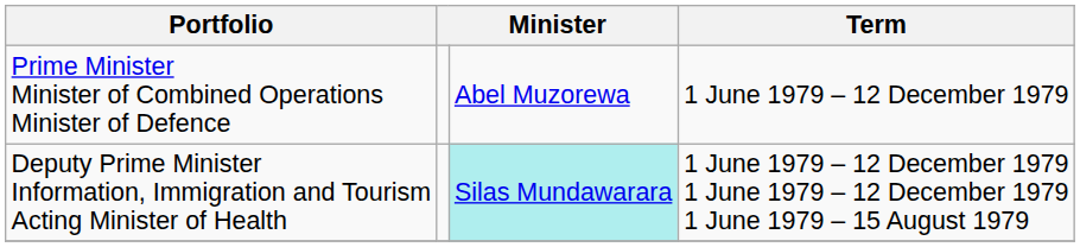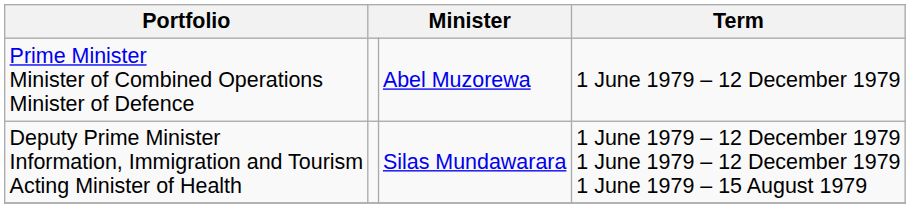 <table class="wikitable">
 <tr>
 <th>Portfolio</th>
 <th colspan=2>Minister</th>
 <th colspan=2>Term</th>
 </tr>
 <tr>
 <td><a href='#'>Prime Minister</a><br>Minister of Combined Operations<br>Minister of Defence</td>
 <td style="background:"></td>
 <td><a href='#'>Abel Muzorewa</a></td>
 <td>1 June 1979 – 12 December 1979</td>
 </tr>
 <tr>
 <td>Deputy Prime Minister<br>Information, Immigration and Tourism<br>Acting Minister of Health</td>
 <td style="background:"></td>
-<td style="background: paleturquoise;"><a href='#'>Silas Mundawarara</a></td>
+<td><a href='#'>Silas Mundawarara</a></td>
 <td>1 June 1979 – 12 December 1979<br>1 June 1979 – 12 December 1979<br>1 June 1979 – 15 August 1979</td>
 </tr>
 <tr>
 </tr>
 </table>
